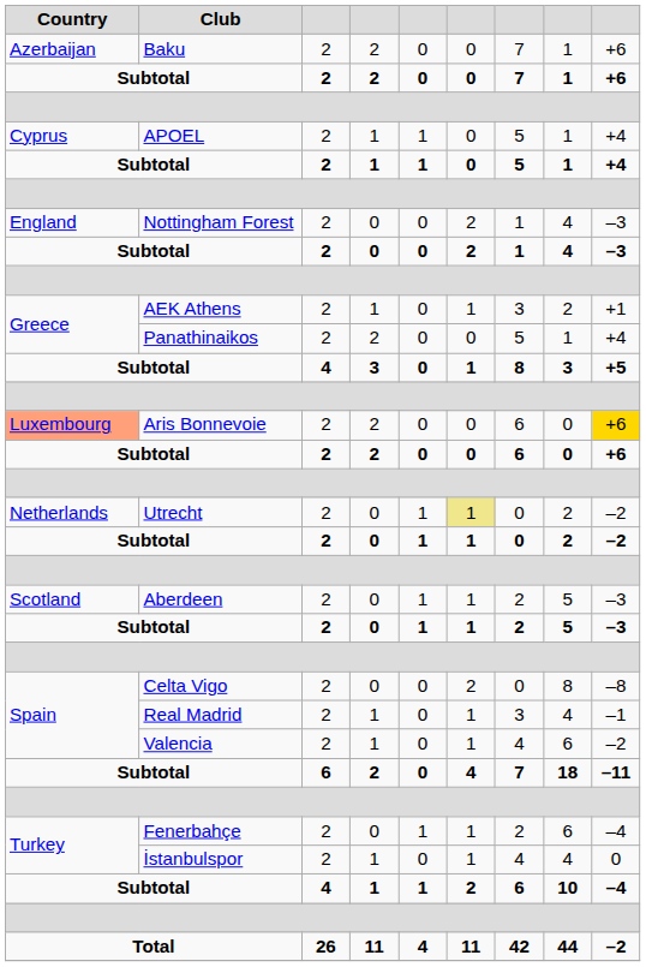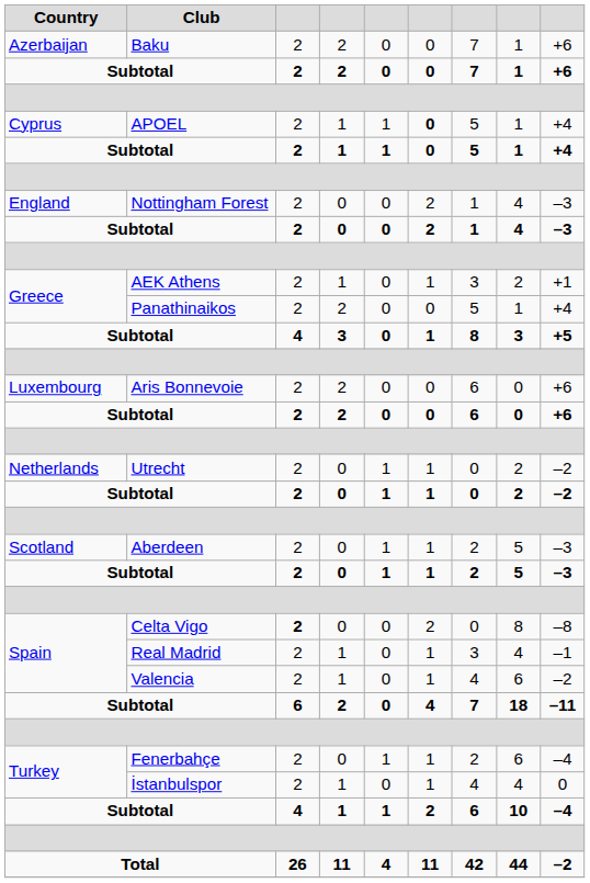 <table class="wikitable" style="text-align: center;">
 <tr>
 <th width="110" style="background:#DCDCDC">Country</th>
 <th width="135" style="background:#DCDCDC">Club</th>
 <th width="35" style="background:#DCDCDC"></th>
 <th width="35" style="background:#DCDCDC"></th>
 <th width="35" style="background:#DCDCDC"></th>
 <th width="35" style="background:#DCDCDC"></th>
 <th width="35" style="background:#DCDCDC"></th>
 <th width="35" style="background:#DCDCDC"></th>
 <th width="35" style="background:#DCDCDC"></th>
 </tr>
 <tr>
 <td align=left> <a href='#'>Azerbaijan</a></td>
 <td align=left><a href='#'>Baku</a></td>
 <td>2</td>
 <td>2</td>
 <td>0</td>
 <td>0</td>
 <td>7</td>
 <td>1</td>
 <td>+6</td>
 </tr>
 <tr>
 <td colspan=2 align-"center"><strong>Subtotal</strong></td>
 <td><strong>2</strong></td>
 <td><strong>2</strong></td>
 <td><strong>0</strong></td>
 <td><strong>0</strong></td>
 <td><strong>7</strong></td>
 <td><strong>1</strong></td>
 <td><strong>+6</strong></td>
 </tr>
 <tr>
 <th colspan=9 height="18" style="background:#DCDCDC"></th>
 </tr>
 <tr>
 <td align=left> <a href='#'>Cyprus</a></td>
 <td align=left><a href='#'>APOEL</a></td>
 <td>2</td>
 <td>1</td>
 <td>1</td>
-<td>0</td>
+<td><strong>0</strong></td>
 <td>5</td>
 <td>1</td>
 <td>+4</td>
 </tr>
 <tr>
 <td colspan=2 align-"center"><strong>Subtotal</strong></td>
 <td><strong>2</strong></td>
 <td><strong>1</strong></td>
 <td><strong>1</strong></td>
 <td><strong>0</strong></td>
 <td><strong>5</strong></td>
 <td><strong>1</strong></td>
 <td><strong>+4</strong></td>
 </tr>
 <tr>
 <th colspan=9 height="18" style="background:#DCDCDC"></th>
 </tr>
 <tr>
 <td align=left> <a href='#'>England</a></td>
 <td align=left><a href='#'>Nottingham Forest</a></td>
 <td>2</td>
 <td>0</td>
 <td>0</td>
 <td>2</td>
 <td>1</td>
 <td>4</td>
 <td>–3</td>
 </tr>
 <tr>
 <td colspan=2 align-"center"><strong>Subtotal</strong></td>
 <td><strong>2</strong></td>
 <td><strong>0</strong></td>
 <td><strong>0</strong></td>
 <td><strong>2</strong></td>
 <td><strong>1</strong></td>
 <td><strong>4</strong></td>
 <td><strong>–3</strong></td>
 </tr>
 <tr>
 <th colspan=9 height="18" style="background:#DCDCDC"></th>
 </tr>
 <tr>
 <td rowspan=2 align=left> <a href='#'>Greece</a></td>
 <td align=left><a href='#'>AEK Athens</a></td>
 <td>2</td>
 <td>1</td>
 <td>0</td>
 <td>1</td>
 <td>3</td>
 <td>2</td>
 <td>+1</td>
 </tr>
 <tr>
 <td align=left><a href='#'>Panathinaikos</a></td>
 <td>2</td>
 <td>2</td>
 <td>0</td>
 <td>0</td>
 <td>5</td>
 <td>1</td>
 <td>+4</td>
 </tr>
 <tr>
 <td colspan=2 align-"center"><strong>Subtotal</strong></td>
 <td><strong>4</strong></td>
 <td><strong>3</strong></td>
 <td><strong>0</strong></td>
 <td><strong>1</strong></td>
 <td><strong>8</strong></td>
 <td><strong>3</strong></td>
 <td><strong>+5</strong></td>
 </tr>
 <tr>
 <th colspan=9 height="18" style="background:#DCDCDC"></th>
 </tr>
 <tr>
-<td align=left style="background: lightsalmon;"> <a href='#'>Luxembourg</a></td>
+<td align=left> <a href='#'>Luxembourg</a></td>
 <td align=left><a href='#'>Aris Bonnevoie</a></td>
 <td>2</td>
 <td>2</td>
 <td>0</td>
 <td>0</td>
 <td>6</td>
 <td>0</td>
-<td style="background: gold;">+6</td>
+<td>+6</td>
 </tr>
 <tr>
 <td colspan=2 align-"center"><strong>Subtotal</strong></td>
 <td><strong>2</strong></td>
 <td><strong>2</strong></td>
 <td><strong>0</strong></td>
 <td><strong>0</strong></td>
 <td><strong>6</strong></td>
 <td><strong>0</strong></td>
 <td><strong>+6</strong></td>
 </tr>
 <tr>
 <th colspan=9 height="18" style="background:#DCDCDC"></th>
 </tr>
 <tr>
 <td align=left> <a href='#'>Netherlands</a></td>
 <td align=left><a href='#'>Utrecht</a></td>
 <td>2</td>
 <td>0</td>
 <td>1</td>
-<td style="background: khaki;">1</td>
+<td>1</td>
 <td>0</td>
 <td>2</td>
 <td>–2</td>
 </tr>
 <tr>
 <td colspan=2 align-"center"><strong>Subtotal</strong></td>
 <td><strong>2</strong></td>
 <td><strong>0</strong></td>
 <td><strong>1</strong></td>
 <td><strong>1</strong></td>
 <td><strong>0</strong></td>
 <td><strong>2</strong></td>
 <td><strong>–2</strong></td>
 </tr>
 <tr>
 <th colspan=9 height="18" style="background:#DCDCDC"></th>
 </tr>
 <tr>
 <td align=left> <a href='#'>Scotland</a></td>
 <td align=left><a href='#'>Aberdeen</a></td>
 <td>2</td>
 <td>0</td>
 <td>1</td>
 <td>1</td>
 <td>2</td>
 <td>5</td>
 <td>–3</td>
 </tr>
 <tr>
 <td colspan=2 align-"center"><strong>Subtotal</strong></td>
 <td><strong>2</strong></td>
 <td><strong>0</strong></td>
 <td><strong>1</strong></td>
 <td><strong>1</strong></td>
 <td><strong>2</strong></td>
 <td><strong>5</strong></td>
 <td><strong>–3</strong></td>
 </tr>
 <tr>
 <th colspan=9 height="18" style="background:#DCDCDC"></th>
 </tr>
 <tr>
 <td rowspan=3 align=left> <a href='#'>Spain</a></td>
 <td align=left><a href='#'>Celta Vigo</a></td>
-<td>2</td>
+<td><strong>2</strong></td>
 <td>0</td>
 <td>0</td>
 <td>2</td>
 <td>0</td>
 <td>8</td>
 <td>–8</td>
 </tr>
 <tr>
 <td align=left><a href='#'>Real Madrid</a></td>
 <td>2</td>
 <td>1</td>
 <td>0</td>
 <td>1</td>
 <td>3</td>
 <td>4</td>
 <td>–1</td>
 </tr>
 <tr>
 <td align=left><a href='#'>Valencia</a></td>
 <td>2</td>
 <td>1</td>
 <td>0</td>
 <td>1</td>
 <td>4</td>
 <td>6</td>
 <td>–2</td>
 </tr>
 <tr>
 <td colspan=2 align-"center"><strong>Subtotal</strong></td>
 <td><strong>6</strong></td>
 <td><strong>2</strong></td>
 <td><strong>0</strong></td>
 <td><strong>4</strong></td>
 <td><strong>7</strong></td>
 <td><strong>18</strong></td>
 <td><strong>–11</strong></td>
 </tr>
 <tr>
 <th colspan=9 height="18" style="background:#DCDCDC"></th>
 </tr>
 <tr>
 <td rowspan=2 align=left> <a href='#'>Turkey</a></td>
 <td align=left><a href='#'>Fenerbahçe</a></td>
 <td>2</td>
 <td>0</td>
 <td>1</td>
 <td>1</td>
 <td>2</td>
 <td>6</td>
 <td>–4</td>
 </tr>
 <tr>
 <td align=left><a href='#'>İstanbulspor</a></td>
 <td>2</td>
 <td>1</td>
 <td>0</td>
 <td>1</td>
 <td>4</td>
 <td>4</td>
 <td>0</td>
 </tr>
 <tr>
 <td colspan=2 align-"center"><strong>Subtotal</strong></td>
 <td><strong>4</strong></td>
 <td><strong>1</strong></td>
 <td><strong>1</strong></td>
 <td><strong>2</strong></td>
 <td><strong>6</strong></td>
 <td><strong>10</strong></td>
 <td><strong>–4</strong></td>
 </tr>
 <tr>
 <th colspan=9 height="18" style="background:#DCDCDC"></th>
 </tr>
 <tr>
 <td colspan=2 align-"center"><strong>Total</strong></td>
 <td><strong>26</strong></td>
 <td><strong>11</strong></td>
 <td><strong>4</strong></td>
 <td><strong>11</strong></td>
 <td><strong>42</strong></td>
 <td><strong>44</strong></td>
 <td><strong>–2</strong></td>
 </tr>
 <tr>
 </tr>
 </table>
